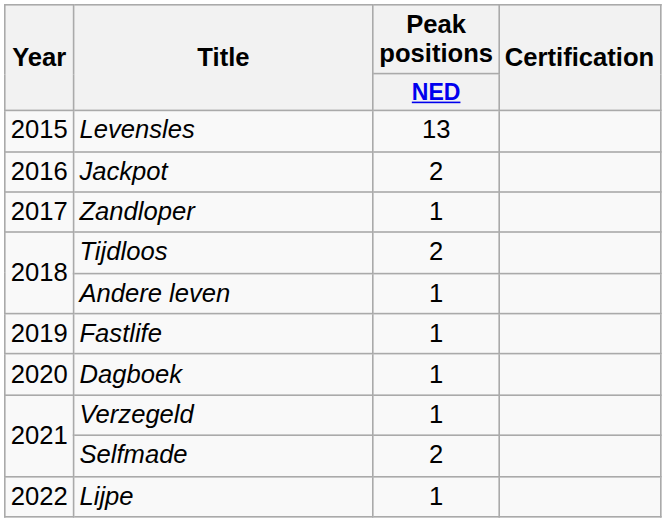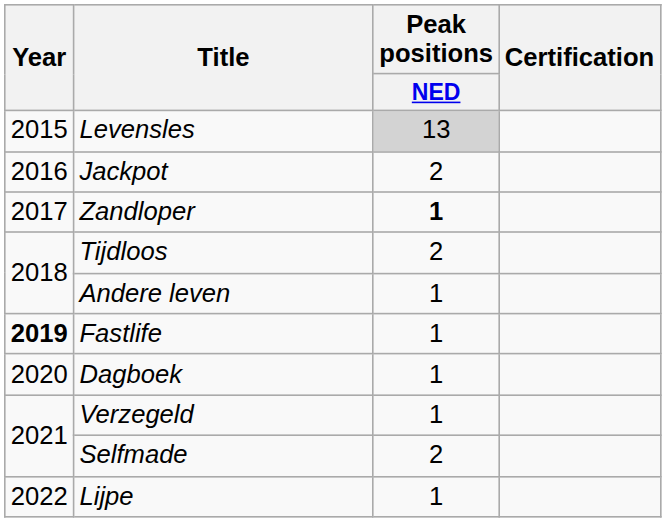 <table class="wikitable">
 <tr>
 <th rowspan="2" style="text-align:center; width:10px;">Year</th>
 <th rowspan="2" style="text-align:center; width:180px;">Title</th>
 <th style="text-align:center; width:20px;">Peak positions</th>
 <th rowspan="2" style="text-align:center; width:70px;">Certification</th>
 </tr>
 <tr>
 <th scope="col" style="width:3em;font-size:90%;"><a href='#'>NED</a><br></th>
 </tr>
 <tr>
 <td style="text-align:center;">2015</td>
 <td><em>Levensles</em></td>
-<td style="text-align:center;">13</td>
+<td style="background: lightgrey; text-align:center;">13</td>
 <td style="text-align:center;"></td>
 </tr>
 <tr>
 <td style="text-align:center;">2016</td>
 <td><em>Jackpot</em></td>
 <td style="text-align:center;">2</td>
 <td style="text-align:center;"></td>
 </tr>
 <tr>
 <td style="text-align:center;">2017</td>
 <td><em>Zandloper</em></td>
-<td style="text-align:center;">1</td>
+<td style="text-align:center;"><strong>1</strong></td>
 <td style="text-align:center;"></td>
 </tr>
 <tr>
 <td style="text-align:center;" rowspan="2">2018</td>
 <td><em>Tijdloos</em><br></td>
 <td style="text-align:center;">2</td>
 <td style="text-align:center;"></td>
 </tr>
 <tr>
 <td><em>Andere leven</em></td>
 <td style="text-align:center;">1</td>
 <td style="text-align:center;"></td>
 </tr>
 <tr>
-<td style="text-align:center;">2019</td>
+<td style="text-align:center;"><strong>2019</strong></td>
 <td><em>Fastlife</em></td>
 <td style="text-align:center;">1</td>
 <td style="text-align:center;"></td>
 </tr>
 <tr>
 <td style="text-align:center;">2020</td>
 <td><em>Dagboek</em></td>
 <td style="text-align:center;">1</td>
 <td style="text-align:center;"></td>
 </tr>
 <tr>
 <td style="text-align:center;" rowspan="2">2021</td>
 <td><em>Verzegeld</em></td>
 <td style="text-align:center;">1</td>
 <td style="text-align:center;"></td>
 </tr>
 <tr>
 <td><em>Selfmade</em></td>
 <td style="text-align:center;">2</td>
 <td style="text-align:center;"></td>
 </tr>
 <tr>
 <td style="text-align:center;">2022</td>
 <td><em>Lijpe</em></td>
 <td style="text-align:center;">1</td>
 <td style="text-align:center;"></td>
 </tr>
 </table>
